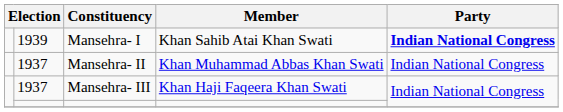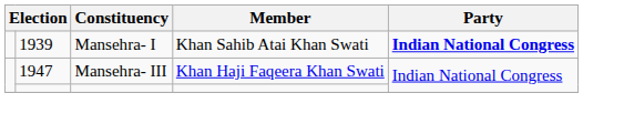 <table class="wikitable">
 <tr>
 <th colspan="2">Election</th>
 <th>Constituency</th>
 <th>Member</th>
 <th>Party</th>
 </tr>
 <tr>
 <td style="background-color: "></td>
 <td>1939</td>
 <td>Mansehra- I</td>
 <td>Khan Sahib Atai Khan Swati</td>
 <td><strong><a href='#'>Indian National Congress</a></strong></td>
 </tr>
 <tr>
-<td style="background-color: "></td>
-<td>1937</td>
-<td>Mansehra- II</td>
-<td><a href='#'>Khan Muhammad Abbas Khan Swati</a></td>
-<td><a href='#'>Indian National Congress</a></td>
-</tr>
-<tr>
 <td rowspan=2 style="background-color: "></td>
-<td>1937</td>
+<td>1947</td>
 <td>Mansehra- III</td>
 <td><a href='#'>Khan Haji Faqeera Khan Swati</a></td>
 <td rowspan=2><a href='#'>Indian National Congress</a></td>
 </tr>
 <tr>
 <td></td>
 <td></td>
 <td></td>
 </tr>
 <tr>
 </tr>
 </table>
